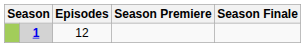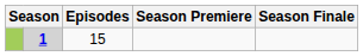 <table class="wikitable">
 <tr>
 <th colspan="2">Season</th>
 <th>Episodes</th>
 <th>Season Premiere</th>
 <th>Season Finale</th>
 </tr>
 <tr>
 <td style="background:#A2CD5A; height:5px;"></td>
 <td style="background: lightgrey; text-align:center;"><strong><a href='#'>1</a></strong></td>
-<td style="text-align:center;">12</td>
+<td style="text-align:center;">15</td>
 <td style="text-align:center;"></td>
 <td style="text-align:center;"></td>
 </tr>
 </table>
